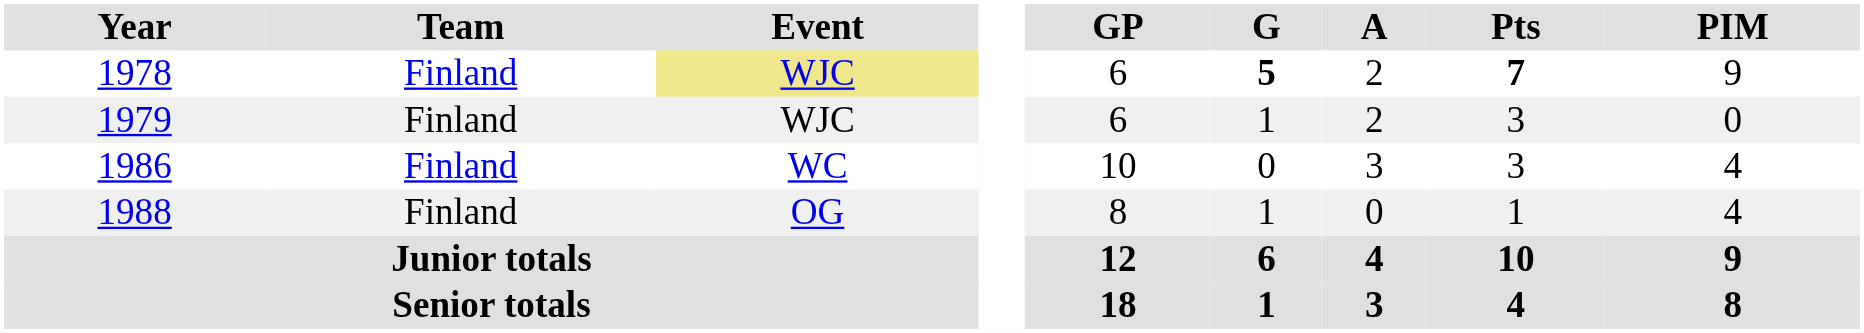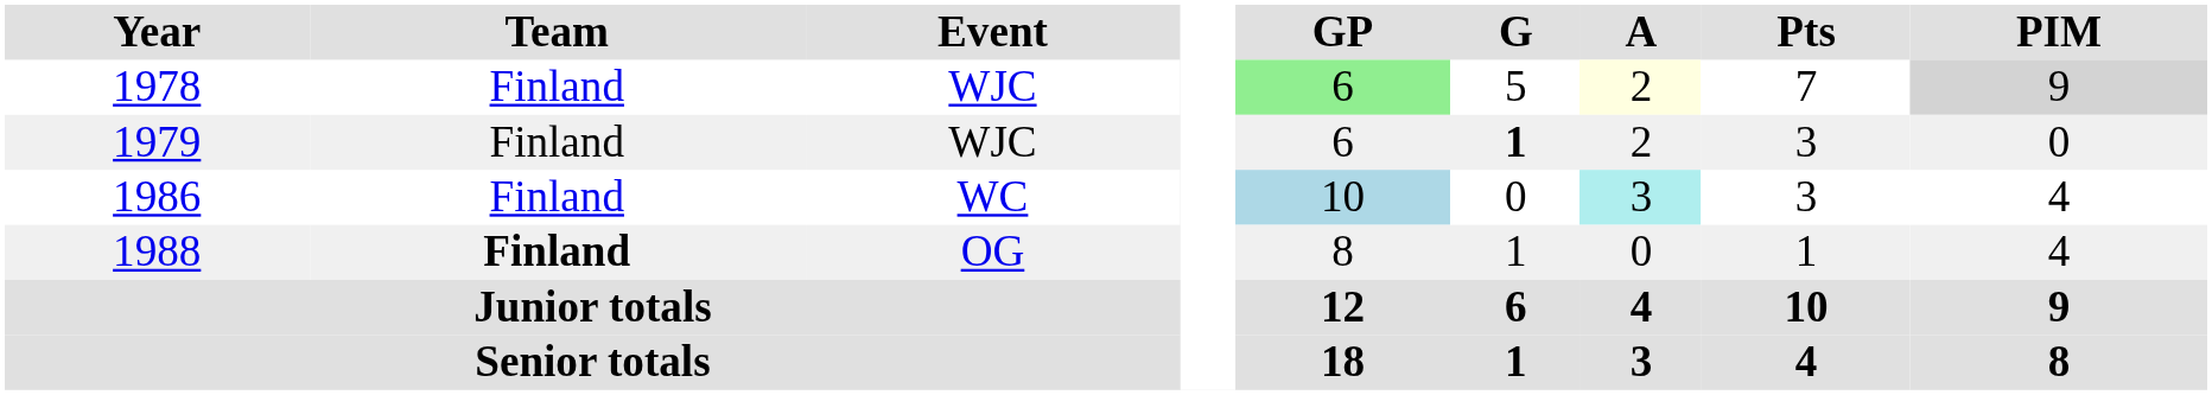 <table border="0" cellpadding="1" cellspacing="0" style="text-align:center; width:50em">
 <tr ALIGN="center" bgcolor="#e0e0e0">
 <th>Year</th>
 <th>Team</th>
 <th>Event</th>
 <th rowspan="99" bgcolor="#ffffff"> </th>
 <th>GP</th>
 <th>G</th>
 <th>A</th>
 <th>Pts</th>
 <th>PIM</th>
 </tr>
 <tr>
 <td><a href='#'>1978</a></td>
 <td><a href='#'>Finland</a></td>
-<td style="background: khaki;"><a href='#'>WJC</a></td>
-<td>6</td>
-<td><strong>5</strong></td>
-<td>2</td>
-<td><strong>7</strong></td>
-<td>9</td>
+<td><a href='#'>WJC</a></td>
+<td style="background: lightgreen;">6</td>
+<td>5</td>
+<td style="background: lightyellow;">2</td>
+<td>7</td>
+<td style="background: lightgrey;">9</td>
 </tr>
 <tr bgcolor="#f0f0f0">
 <td><a href='#'>1979</a></td>
 <td>Finland</td>
 <td>WJC</td>
 <td>6</td>
-<td>1</td>
+<td><strong>1</strong></td>
 <td>2</td>
 <td>3</td>
 <td>0</td>
 </tr>
 <tr>
 <td><a href='#'>1986</a></td>
 <td><a href='#'>Finland</a></td>
 <td><a href='#'>WC</a></td>
-<td>10</td>
+<td style="background: lightblue;">10</td>
 <td>0</td>
-<td>3</td>
+<td style="background: paleturquoise;">3</td>
 <td>3</td>
 <td>4</td>
 </tr>
 <tr bgcolor="#f0f0f0">
 <td><a href='#'>1988</a></td>
-<td>Finland</td>
+<td><strong>Finland</strong></td>
 <td><a href='#'>OG</a></td>
 <td>8</td>
 <td>1</td>
 <td>0</td>
 <td>1</td>
 <td>4</td>
 </tr>
 <tr bgcolor="#e0e0e0">
 <th colspan=3>Junior totals</th>
 <th>12</th>
 <th>6</th>
 <th>4</th>
 <th>10</th>
 <th>9</th>
 </tr>
 <tr bgcolor="#e0e0e0">
 <th colspan=3>Senior totals</th>
 <th>18</th>
 <th>1</th>
 <th>3</th>
 <th>4</th>
 <th>8</th>
 </tr>
 </table>
